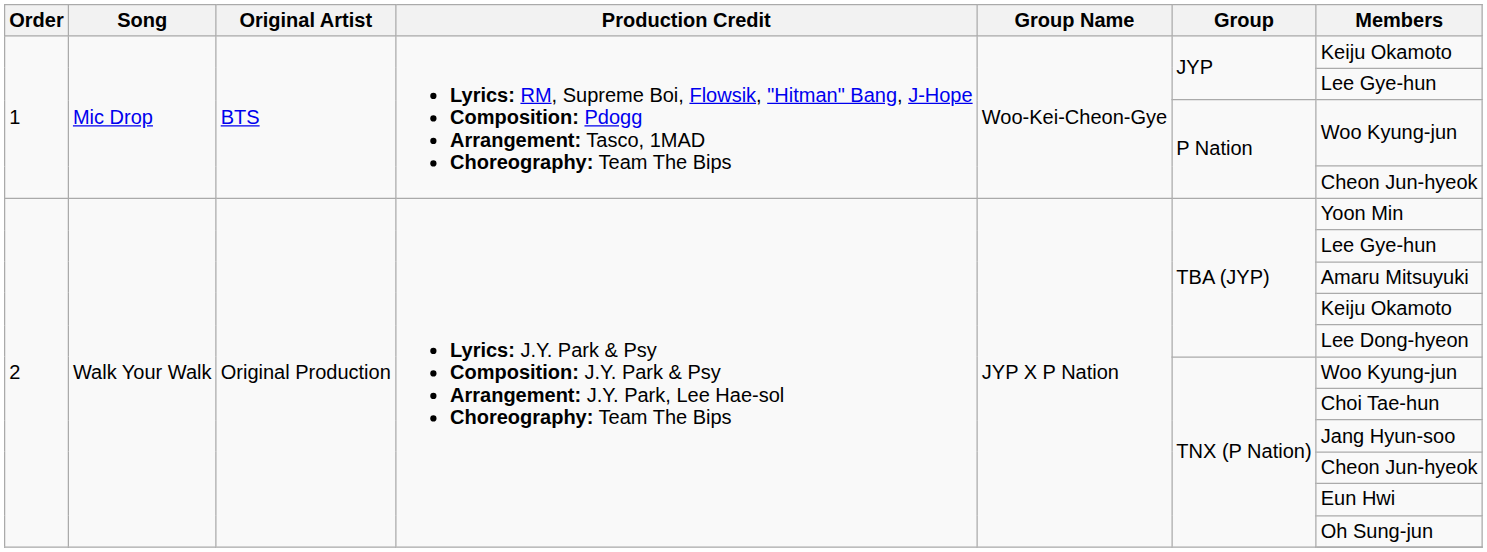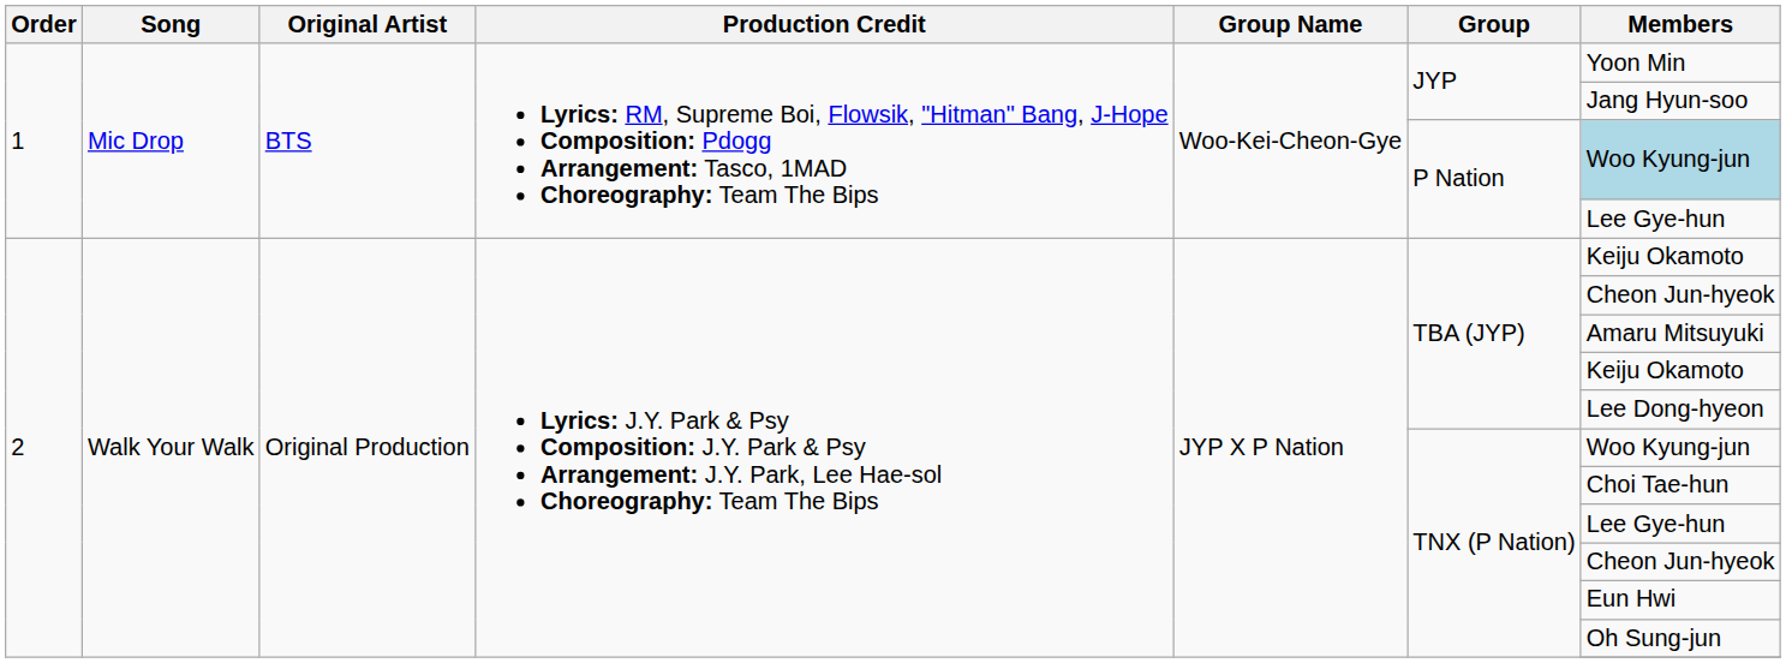 <table class="wikitable">
 <tr>
 <th>Order</th>
 <th>Song</th>
 <th>Original Artist</th>
 <th>Production Credit</th>
 <th>Group Name</th>
 <th>Group</th>
 <th>Members</th>
 </tr>
 <tr>
 <td rowspan="4">1</td>
 <td rowspan="4"><a href='#'>Mic Drop</a></td>
 <td rowspan="4"><a href='#'>BTS</a></td>
 <td rowspan="4"><br><ul><li><strong>Lyrics:</strong> <a href='#'>RM</a>, Supreme Boi, <a href='#'>Flowsik</a>, <a href='#'>"Hitman" Bang</a>, <a href='#'>J-Hope</a></li><li><strong>Composition:</strong> <a href='#'>Pdogg</a></li><li><strong>Arrangement:</strong> Tasco, 1MAD</li><li><strong>Choreography:</strong> Team The Bips</li></ul></td>
 <td rowspan="4">Woo-Kei-Cheon-Gye</td>
 <td rowspan="2">JYP</td>
-<td>Keiju Okamoto</td>
+<td>Yoon Min</td>
+</tr>
+<tr>
+<td>Jang Hyun-soo</td>
+</tr>
+<tr>
+<td rowspan="2">P Nation</td>
+<td style="background: lightblue;">Woo Kyung-jun</td>
 </tr>
 <tr>
 <td>Lee Gye-hun</td>
-</tr>
-<tr>
-<td rowspan="2">P Nation</td>
-<td>Woo Kyung-jun</td>
-</tr>
-<tr>
-<td>Cheon Jun-hyeok</td>
 </tr>
 <tr>
 <td rowspan="12">2</td>
 <td rowspan="12">Walk Your Walk</td>
 <td rowspan="12">Original Production</td>
 <td rowspan="12"><br><ul><li><strong>Lyrics:</strong> J.Y. Park & Psy</li><li><strong>Composition:</strong> J.Y. Park & Psy</li><li><strong>Arrangement:</strong> J.Y. Park, Lee Hae-sol</li><li><strong>Choreography:</strong> Team The Bips</li></ul></td>
 <td rowspan="12">JYP X P Nation</td>
 <td rowspan="5">TBA (JYP)</td>
-<td>Yoon Min</td>
+<td>Keiju Okamoto</td>
 </tr>
 <tr>
-<td>Lee Gye-hun</td>
+<td>Cheon Jun-hyeok</td>
 </tr>
 <tr>
 <td>Amaru Mitsuyuki</td>
 </tr>
 <tr>
 <td>Keiju Okamoto</td>
 </tr>
 <tr>
 <td>Lee Dong-hyeon</td>
 </tr>
 <tr>
 <td rowspan="7">TNX (P Nation)</td>
 <td>Woo Kyung-jun</td>
 </tr>
 <tr>
 <td>Choi Tae-hun</td>
 </tr>
 <tr>
-<td>Jang Hyun-soo</td>
+<td>Lee Gye-hun</td>
 </tr>
 <tr>
 <td>Cheon Jun-hyeok</td>
 </tr>
 <tr>
 <td>Eun Hwi</td>
 </tr>
 <tr>
 <td>Oh Sung-jun</td>
 </tr>
 <tr>
 </tr>
 </table>
